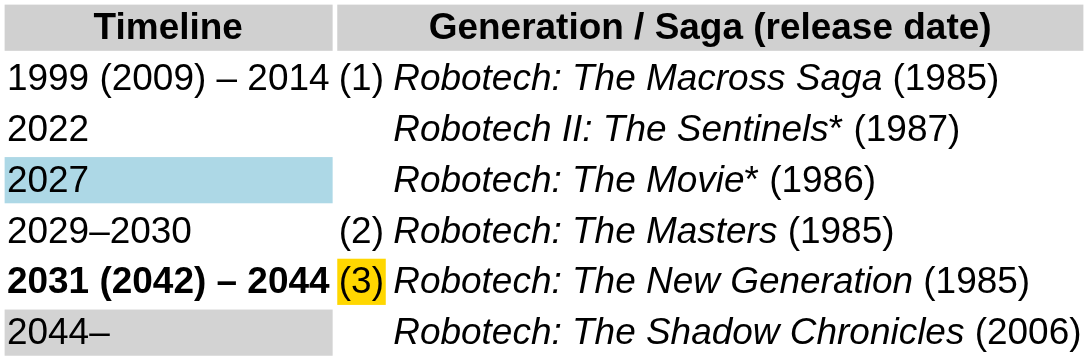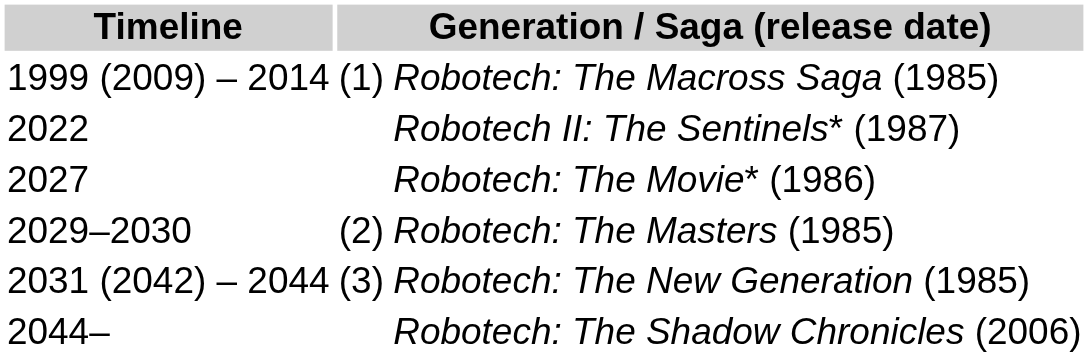 <table>
 <tr style="background-color:#D0D0D0">
 <th>Timeline</th>
 <th colspan="2">Generation / Saga (release date)</th>
 </tr>
 <tr>
 <td>1999 (2009) – 2014</td>
 <td>(1)</td>
 <td><em>Robotech: The Macross Saga</em> (1985)</td>
 </tr>
 <tr>
 <td>2022</td>
 <td></td>
 <td><em>Robotech II: The Sentinels</em>* (1987)</td>
 </tr>
 <tr>
-<td style="background: lightblue;">2027</td>
+<td>2027</td>
 <td></td>
 <td><em>Robotech: The Movie</em>* (1986)</td>
 </tr>
 <tr>
 <td>2029–2030</td>
 <td>(2)</td>
 <td><em>Robotech: The Masters</em> (1985)</td>
 </tr>
 <tr>
-<td><strong>2031 (2042) – 2044</strong></td>
-<td style="background: gold;">(3)</td>
+<td>2031 (2042) – 2044</td>
+<td>(3)</td>
 <td><em>Robotech: The New Generation</em> (1985)</td>
 </tr>
 <tr>
-<td style="background: lightgrey;">2044–</td>
+<td>2044–</td>
 <td></td>
 <td><em>Robotech: The Shadow Chronicles</em> (2006)</td>
 </tr>
 </table>
